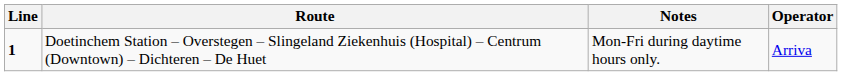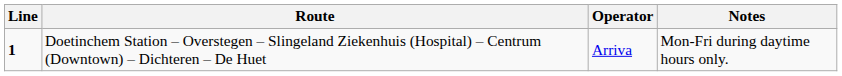 <table class="wikitable">
 <tr>
 <th>Line</th>
 <th>Route</th>
+<th>Operator</th>
 <th>Notes</th>
-<th>Operator</th>
 </tr>
 <tr>
 <td><strong>1</strong></td>
 <td>Doetinchem Station – Overstegen – Slingeland Ziekenhuis (Hospital) – Centrum (Downtown) – Dichteren – De Huet</td>
+<td><a href='#'>Arriva</a></td>
 <td>Mon-Fri during daytime hours only.</td>
-<td><a href='#'>Arriva</a></td>
 </tr>
 </table>
